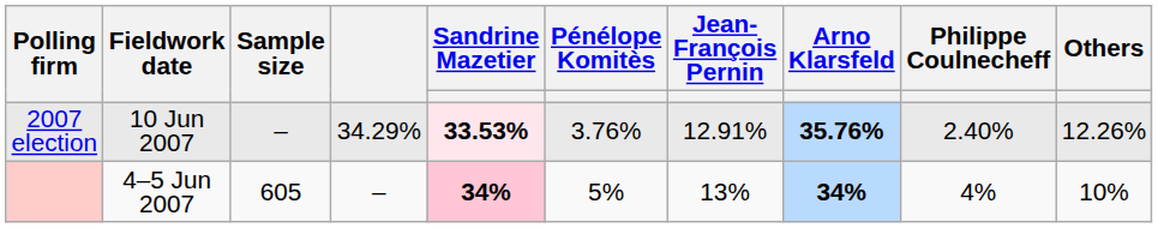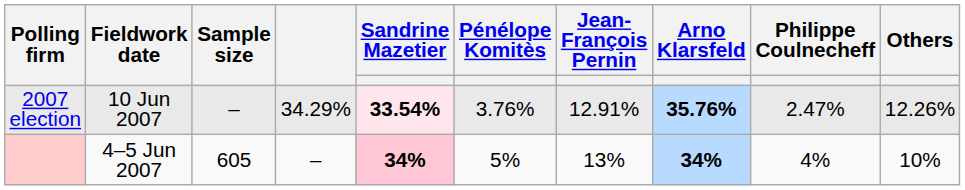 <table class="wikitable sortable" style="text-align:center;font-size:90%;line-height:14px;">
 <tr style="height:40px;">
 <th style="width:100px;" rowspan="2">Polling firm</th>
 <th style="width:110px;" rowspan="2">Fieldwork date</th>
 <th style="width:35px;" rowspan="2">Sample<br>size</th>
 <th style="width:30px;" rowspan="2"></th>
 <th class="unsortable" style="width:60px;"><a href='#'>Sandrine Mazetier</a><br></th>
 <th class="unsortable" style="width:60px;"><a href='#'>Pénélope Komitès</a><br></th>
 <th class="unsortable" style="width:60px;"><a href='#'>Jean-François Pernin</a><br></th>
 <th class="unsortable" style="width:60px;"><a href='#'>Arno Klarsfeld</a><br></th>
 <th class="unsortable" style="width:60px;">Philippe Coulnecheff<br></th>
 <th class="unsortable" style="width:60px;">Others</th>
 </tr>
 <tr>
 <th style="background:"></th>
 <th style="background:"></th>
 <th style="background:"></th>
 <th style="background:"></th>
 <th style="background:"></th>
 <th style="background:"></th>
 </tr>
 <tr style="background:#E9E9E9;">
 <td><a href='#'>2007 election</a></td>
 <td data-sort-value="2007-06-10">10 Jun 2007</td>
 <td>–</td>
 <td>34.29%</td>
-<td style="background:#FFE6EC;"><strong>33.53%</strong></td>
+<td style="background:#FFE6EC;"><strong>33.54%</strong></td>
 <td>3.76%</td>
 <td>12.91%</td>
 <td style="background:#B9DAFF;"><strong>35.76%</strong></td>
-<td>2.40%</td>
+<td>2.47%</td>
 <td>12.26%</td>
 </tr>
 <tr>
 <td style="background:#FFCCCC;"></td>
 <td data-sort-value="2007-06-05">4–5 Jun 2007</td>
 <td>605</td>
 <td>–</td>
 <td style="background:#FFC6D5;"><strong>34%</strong></td>
 <td>5%</td>
 <td>13%</td>
 <td style="background:#B9DAFF;"><strong>34%</strong></td>
 <td>4%</td>
 <td>10%</td>
 </tr>
 </table>
